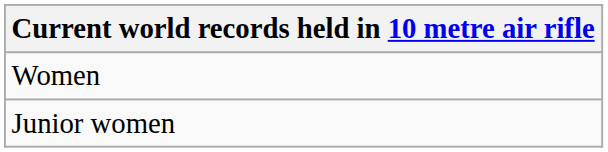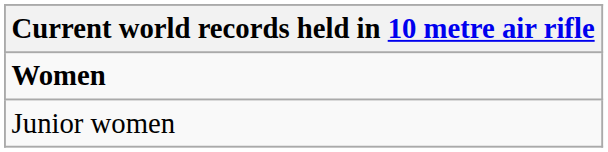 <table class="wikitable" style="font-size: 95%">
 <tr>
 <th colspan=9>Current world records held in <a href='#'>10 metre air rifle</a></th>
 </tr>
 <tr>
-<td>Women<br></td>
+<td><strong>Women<br></strong></td>
 </tr>
 <tr>
 <td rowspan=2>Junior women<br></td>
 </tr>
 <tr>
 </tr>
 </table>
